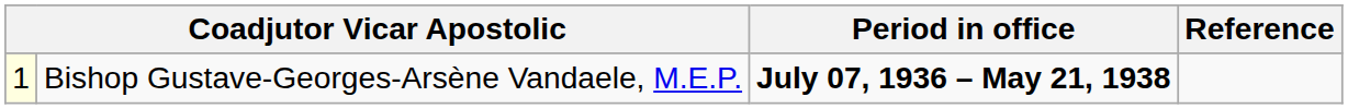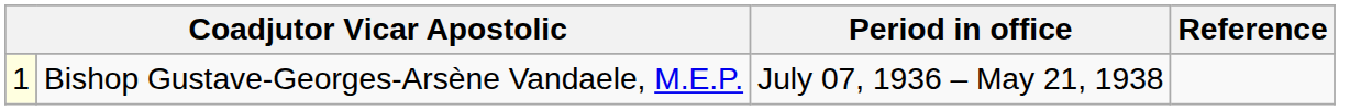 <table class="wikitable">
 <tr>
 <th colspan="2">Coadjutor Vicar Apostolic</th>
 <th>Period in office</th>
 <th>Reference</th>
 </tr>
 <tr>
 <td style="background: lightyellow;">1</td>
 <td>Bishop Gustave-Georges-Arsène Vandaele, <a href='#'>M.E.P.</a></td>
-<td><strong>July 07, 1936 – May 21, 1938</strong></td>
+<td>July 07, 1936 – May 21, 1938</td>
 <td></td>
 </tr>
 </table>
